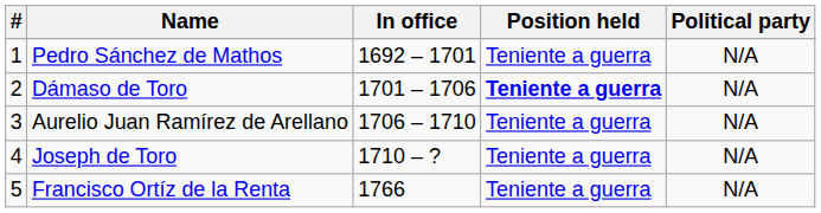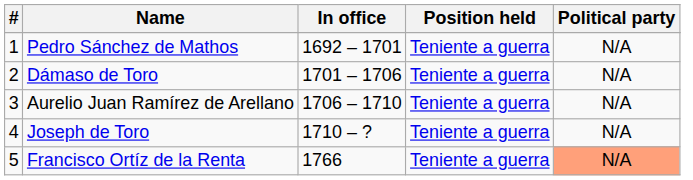 <table class="wikitable">
 <tr>
 <th>#</th>
 <th>Name</th>
 <th>In office</th>
 <th>Position held</th>
 <th>Political party</th>
 </tr>
 <tr>
 </tr>
 <tr>
 <td>1</td>
 <td><a href='#'>Pedro Sánchez de Mathos</a></td>
 <td>1692 – 1701</td>
 <td><a href='#'>Teniente a guerra</a></td>
 <td align=center>N/A</td>
 </tr>
 <tr>
 <td>2</td>
 <td><a href='#'>Dámaso de Toro</a></td>
 <td>1701 – 1706</td>
-<td><strong><a href='#'>Teniente a guerra</a></strong></td>
+<td><a href='#'>Teniente a guerra</a></td>
 <td align=center>N/A</td>
 </tr>
 <tr>
 <td>3</td>
 <td>Aurelio Juan Ramírez de Arellano</td>
 <td>1706 – 1710</td>
 <td><a href='#'>Teniente a guerra</a></td>
 <td align=center>N/A</td>
 </tr>
 <tr>
 <td>4</td>
 <td><a href='#'>Joseph de Toro</a></td>
 <td>1710 – ?</td>
 <td><a href='#'>Teniente a guerra</a></td>
 <td align=center>N/A</td>
 </tr>
 <tr>
 <td>5</td>
 <td><a href='#'>Francisco Ortíz de la Renta</a></td>
 <td>1766</td>
 <td><a href='#'>Teniente a guerra</a></td>
-<td align=center>N/A</td>
+<td align=center style="background: lightsalmon;">N/A</td>
 </tr>
 </table>
